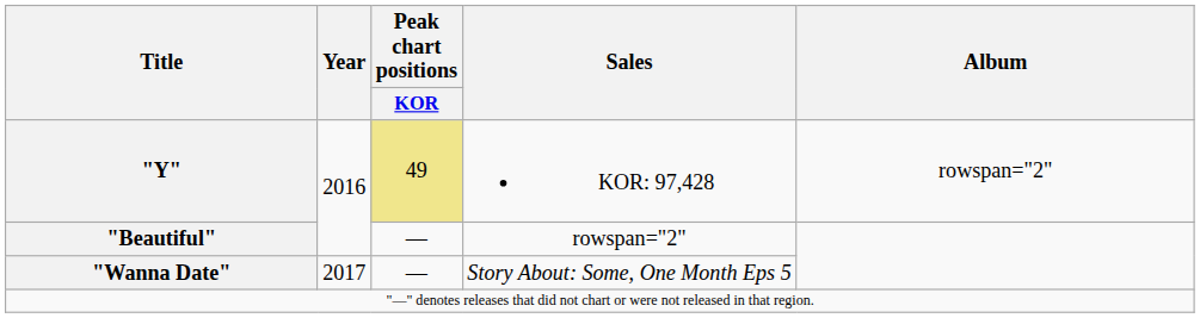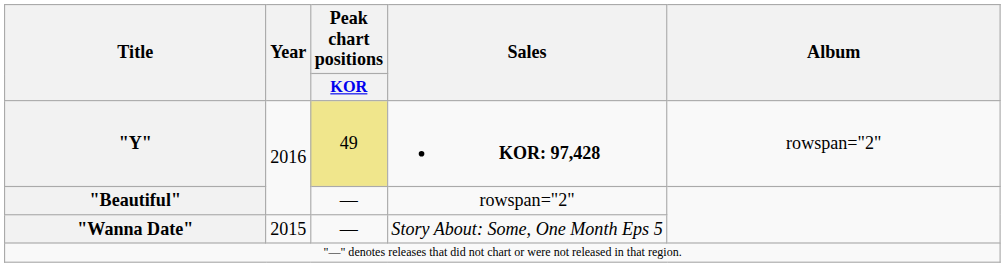 <table class="wikitable plainrowheaders" style="text-align:center;">
 <tr>
 <th rowspan="2" style="width:14em;">Title</th>
 <th rowspan="2">Year</th>
 <th colspan="1">Peak chart positions</th>
 <th rowspan="2">Sales<br></th>
 <th rowspan="2" style="width:18em;">Album</th>
 </tr>
 <tr>
 <th scope="col" style="width:3em;font-size:90%"><a href='#'>KOR</a><br></th>
 </tr>
 <tr>
 <th scope="row">"Y"<br></th>
 <td rowspan="2">2016</td>
 <td style="background: khaki;">49</td>
-<td><br><ul><li>KOR: 97,428</li></ul></td>
+<td><strong><br><ul><li>KOR: 97,428</li></ul></strong></td>
 <td>rowspan="2" </td>
 </tr>
 <tr>
 <th scope="row">"Beautiful"<br></th>
 <td>—</td>
 <td>rowspan="2" </td>
 </tr>
 <tr>
 <th scope="row">"Wanna Date"  <br></th>
-<td>2017</td>
+<td>2015</td>
 <td>—</td>
 <td><em>Story About: Some, One Month Eps 5</em></td>
 </tr>
 <tr>
 <td colspan="5" style="font-size:8pt;">"—" denotes releases that did not chart or were not released in that region.</td>
 </tr>
 </table>
